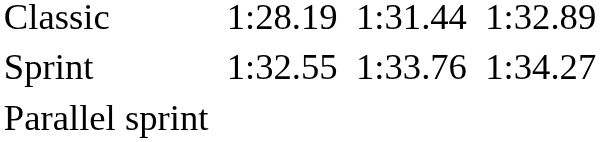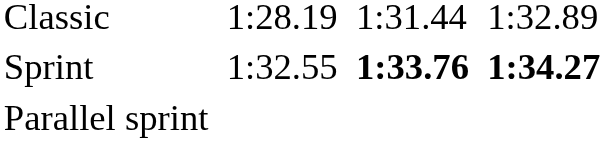 <table>
 <tr>
 <td>Classic</td>
 <td></td>
 <td>1:28.19</td>
 <td></td>
 <td>1:31.44</td>
 <td></td>
 <td>1:32.89</td>
 </tr>
 <tr>
 <td>Sprint</td>
 <td></td>
 <td>1:32.55</td>
 <td></td>
-<td>1:33.76</td>
+<td><strong>1:33.76</strong></td>
 <td></td>
-<td>1:34.27</td>
+<td><strong>1:34.27</strong></td>
 </tr>
 <tr>
 <td>Parallel sprint</td>
 <td colspan=2></td>
 <td colspan=2></td>
 <td colspan=2></td>
 </tr>
 </table>
